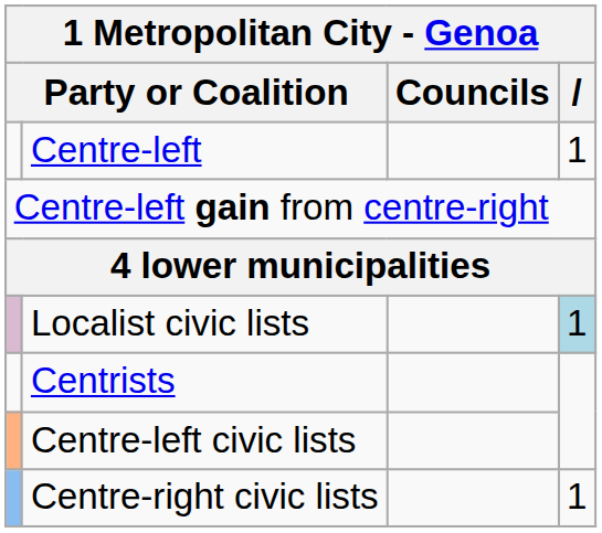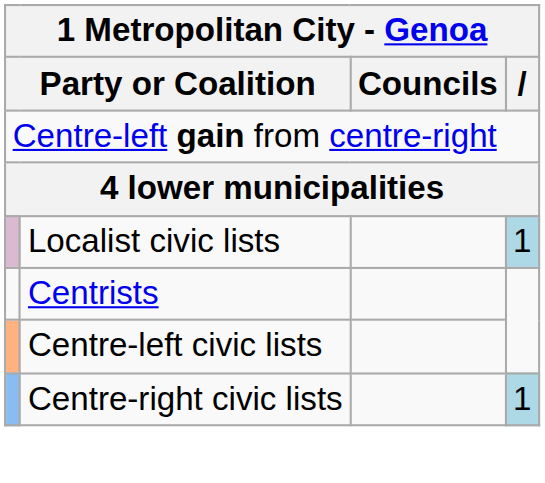 <table class="wikitable">
 <tr>
 <th colspan="4">1 Metropolitan City - <a href='#'>Genoa</a></th>
 </tr>
 <tr>
 <th colspan="2">Party or Coalition</th>
 <th>Councils</th>
 <th>/</th>
-</tr>
-<tr>
-<td></td>
-<td><a href='#'>Centre-left</a></td>
-<td></td>
-<td>1</td>
 </tr>
 <tr>
 <td colspan="4"><a href='#'>Centre-left</a> <strong>gain</strong> from <a href='#'>centre-right</a></td>
 </tr>
 <tr>
 <th colspan="4">4 lower municipalities</th>
 </tr>
 <tr>
 <td bgcolor="#DABAD0"></td>
 <td>Localist civic lists</td>
 <td></td>
 <td style="background: lightblue;">1</td>
 </tr>
 <tr>
 <td></td>
 <td><a href='#'>Centrists</a></td>
 <td></td>
 <td rowspan="2"></td>
 </tr>
 <tr>
 <td bgcolor="#FFB280"></td>
 <td>Centre-left civic lists</td>
 <td></td>
 </tr>
 <tr>
 <td bgcolor="#89BCF0"></td>
 <td>Centre-right civic lists</td>
 <td></td>
-<td>1</td>
+<td style="background: lightblue;">1</td>
 </tr>
 </table>
